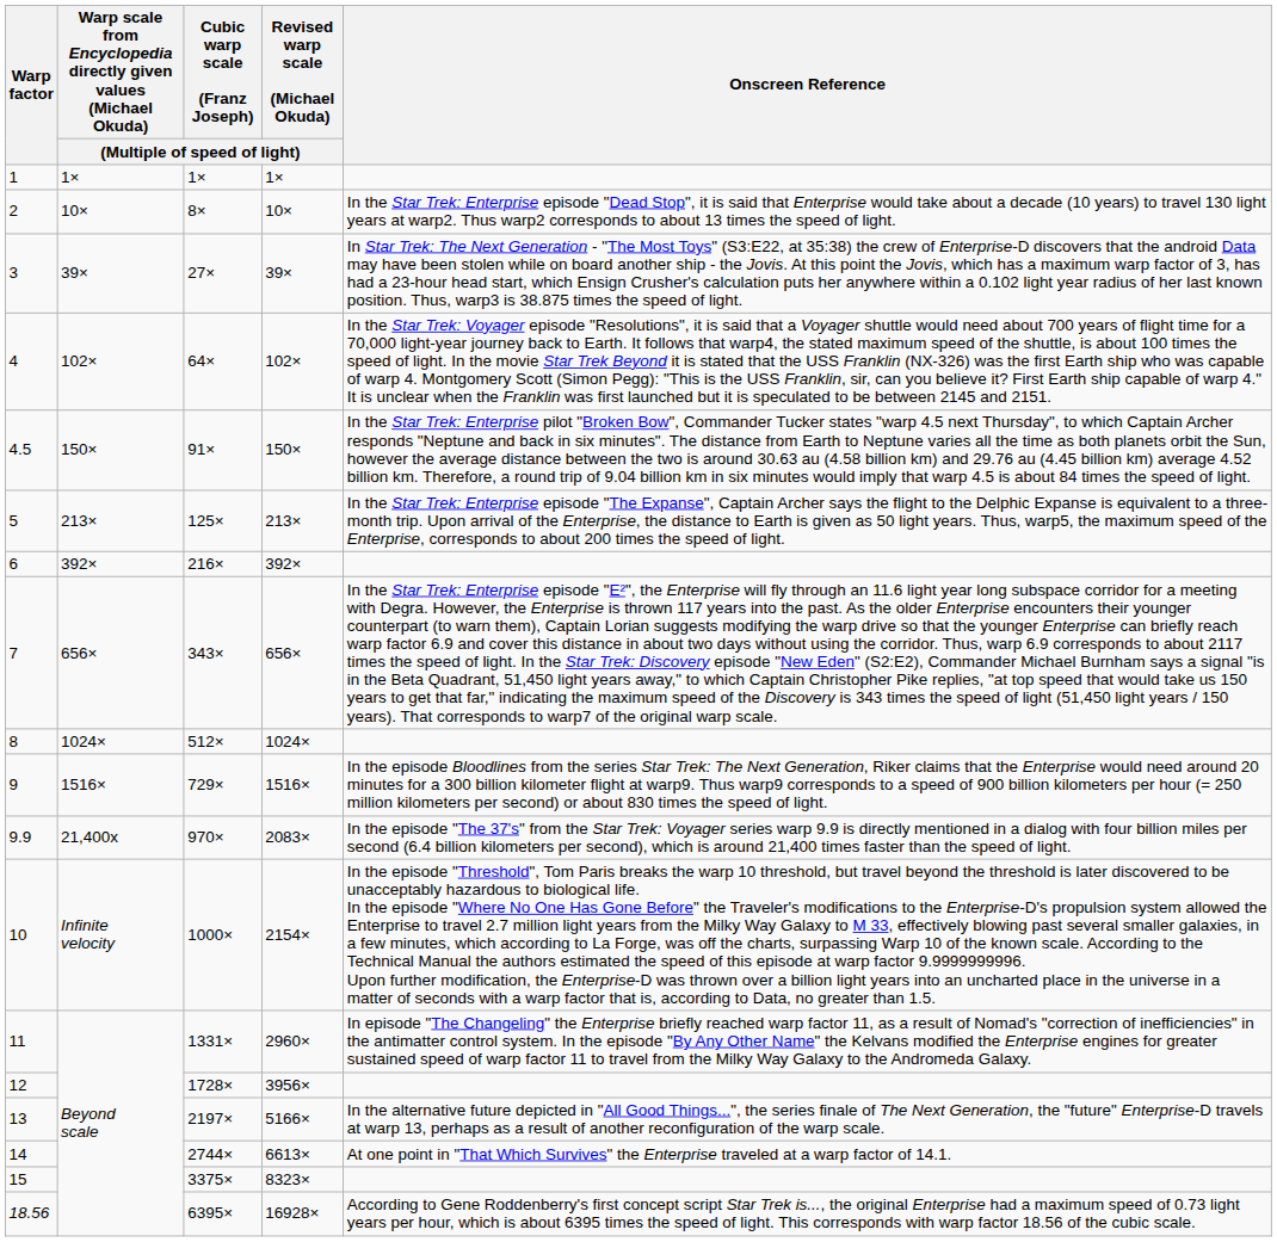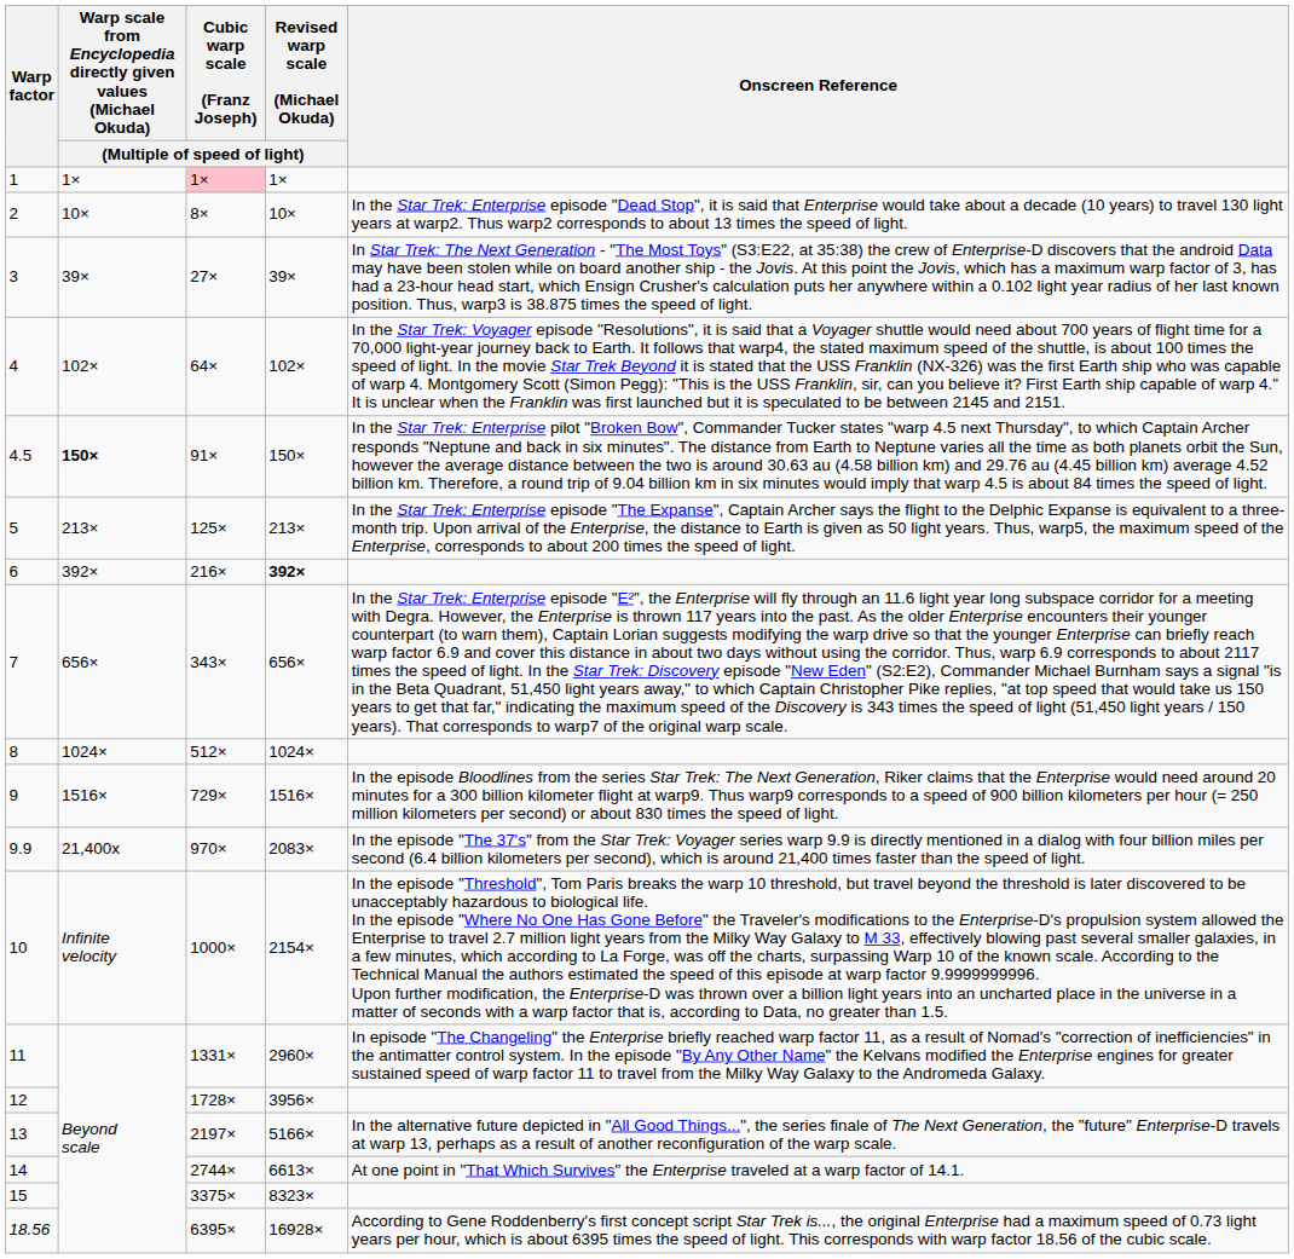 <table class="wikitable sortable mw-collapsible mw-collapsed" style="width:100%;">
 <tr>
 <th rowspan="2">Warp<br>factor</th>
 <th>Warp scale from <em>Encyclopedia</em><br>directly given values<br>(Michael Okuda)</th>
 <th>Cubic warp scale<br><br>(Franz Joseph)</th>
 <th>Revised warp scale<br><br>(Michael Okuda)</th>
 <th rowspan="2">Onscreen Reference</th>
 </tr>
 <tr>
 <th colspan=3>(Multiple of speed of light)</th>
 </tr>
 <tr>
 <td>1</td>
 <td>1×</td>
-<td>1×</td>
+<td style="background: pink;">1×</td>
 <td>1×</td>
 <td></td>
 </tr>
 <tr>
 <td>2</td>
 <td>10×</td>
 <td>8×</td>
 <td>10×</td>
 <td>In the <em><a href='#'>Star Trek: Enterprise</a></em> episode "<a href='#'>Dead Stop</a>", it is said that <em>Enterprise</em> would take about a decade (10 years) to travel 130 light years at warp2. Thus warp2 corresponds to about 13 times the speed of light.</td>
 </tr>
 <tr>
 <td>3</td>
 <td>39×</td>
 <td>27×</td>
 <td>39×</td>
 <td>In <em><a href='#'>Star Trek: The Next Generation</a></em> - "<a href='#'>The Most Toys</a>" (S3:E22, at 35:38) the crew of <em>Enterprise</em>-D discovers that the android <a href='#'>Data</a> may have been stolen while on board another ship - the <em>Jovis</em>. At this point the <em>Jovis</em>, which has a maximum warp factor of 3, has had a 23-hour head start, which Ensign Crusher's calculation puts her anywhere within a 0.102 light year radius of her last known position. Thus, warp3 is 38.875 times the speed of light.</td>
 </tr>
 <tr>
 <td>4</td>
 <td>102×</td>
 <td>64×</td>
 <td>102×</td>
 <td>In the <em><a href='#'>Star Trek: Voyager</a></em> episode "Resolutions", it is said that a <em>Voyager</em> shuttle would need about 700 years of flight time for a 70,000 light-year journey back to Earth. It follows that warp4, the stated maximum speed of the shuttle, is about 100 times the speed of light. In the movie <em><a href='#'>Star Trek Beyond</a></em> it is stated that the USS <em>Franklin</em> (NX-326) was the first Earth ship who was capable of warp 4. Montgomery Scott (Simon Pegg): "This is the USS <em>Franklin</em>, sir, can you believe it? First Earth ship capable of warp 4." It is unclear when the <em>Franklin</em> was first launched but it is speculated to be between 2145 and 2151.</td>
 </tr>
 <tr>
 <td>4.5</td>
-<td>150×</td>
+<td><strong>150×</strong></td>
 <td>91×</td>
 <td>150×</td>
 <td>In the <em><a href='#'>Star Trek: Enterprise</a></em> pilot "<a href='#'>Broken Bow</a>", Commander Tucker states "warp 4.5 next Thursday", to which Captain Archer responds "Neptune and back in six minutes". The distance from Earth to Neptune varies all the time as both planets orbit the Sun, however the average distance between the two is around 30.63 au (4.58 billion km) and 29.76 au (4.45 billion km) average 4.52 billion km. Therefore, a round trip of 9.04 billion km in six minutes would imply that warp 4.5 is about 84 times the speed of light.</td>
 </tr>
 <tr>
 <td>5</td>
 <td>213×</td>
 <td>125×</td>
 <td>213×</td>
 <td>In the <em><a href='#'>Star Trek: Enterprise</a></em> episode "<a href='#'>The Expanse</a>", Captain Archer says the flight to the Delphic Expanse is equivalent to a three-month trip. Upon arrival of the <em>Enterprise</em>, the distance to Earth is given as 50 light years. Thus, warp5, the maximum speed of the <em>Enterprise</em>, corresponds to about 200 times the speed of light.</td>
 </tr>
 <tr>
 <td>6</td>
 <td>392×</td>
 <td>216×</td>
-<td>392×</td>
+<td><strong>392×</strong></td>
 <td></td>
 </tr>
 <tr>
 <td>7</td>
 <td>656×</td>
 <td>343×</td>
 <td>656×</td>
 <td>In the <em><a href='#'>Star Trek: Enterprise</a></em> episode "<a href='#'>E²</a>", the <em>Enterprise</em> will fly through an 11.6 light year long subspace corridor for a meeting with Degra. However, the <em>Enterprise</em> is thrown 117 years into the past. As the older <em>Enterprise</em> encounters their younger counterpart (to warn them), Captain Lorian suggests modifying the warp drive so that the younger <em>Enterprise</em> can briefly reach warp factor 6.9 and cover this distance in about two days without using the corridor. Thus, warp 6.9 corresponds to about 2117 times the speed of light. In the <em><a href='#'>Star Trek: Discovery</a></em> episode "<a href='#'>New Eden</a>" (S2:E2), Commander Michael Burnham says a signal "is in the Beta Quadrant, 51,450 light years away," to which Captain Christopher Pike replies, "at top speed that would take us 150 years to get that far," indicating the maximum speed of the <em>Discovery</em> is 343 times the speed of light (51,450 light years / 150 years). That corresponds to warp7 of the original warp scale.</td>
 </tr>
 <tr>
 <td>8</td>
 <td>1024×</td>
 <td>512×</td>
 <td>1024×</td>
 <td></td>
 </tr>
 <tr>
 <td>9</td>
 <td>1516×</td>
 <td>729×</td>
 <td>1516×</td>
 <td>In the episode <em>Bloodlines</em> from the series <em>Star Trek: The Next Generation</em>, Riker claims that the <em>Enterprise</em> would need around 20 minutes for a 300 billion kilometer flight at warp9. Thus warp9 corresponds to a speed of 900 billion kilometers per hour (= 250 million kilometers per second) or about 830 times the speed of light.</td>
 </tr>
 <tr>
 <td>9.9</td>
 <td>21,400x</td>
 <td>970×</td>
 <td>2083×</td>
 <td>In the episode "<a href='#'>The 37's</a>" from the <em>Star Trek: Voyager</em> series warp 9.9 is directly mentioned in a dialog with four billion miles per second (6.4 billion kilometers per second), which is around 21,400 times faster than the speed of light.</td>
 </tr>
 <tr>
 <td>10</td>
 <td><em>Infinite<br>velocity</em></td>
 <td>1000×</td>
 <td>2154×</td>
 <td>In the episode "<a href='#'>Threshold</a>", Tom Paris breaks the warp 10 threshold, but travel beyond the threshold is later discovered to be unacceptably hazardous to biological life.<br>In the episode "<a href='#'>Where No One Has Gone Before</a>" the Traveler's modifications to the <em>Enterprise</em>-D's propulsion system allowed the Enterprise to travel 2.7 million light years from the Milky Way Galaxy to <a href='#'>M 33</a>, effectively blowing past several smaller galaxies, in a few minutes, which according to La Forge, was off the charts, surpassing Warp 10 of the known scale. According to the Technical Manual the authors estimated the speed of this episode at warp factor 9.9999999996.<br>Upon further modification, the <em>Enterprise</em>-D was thrown over a billion light years into an uncharted place in the universe in a matter of seconds with a warp factor that is, according to Data, no greater than 1.5.</td>
 </tr>
 <tr>
 <td>11</td>
 <td rowspan="6"><em>Beyond<br>scale</em></td>
 <td>1331×</td>
 <td>2960×</td>
 <td>In episode "<a href='#'>The Changeling</a>" the <em>Enterprise</em> briefly reached warp factor 11, as a result of Nomad's "correction of inefficiencies" in the antimatter control system. In the episode "<a href='#'>By Any Other Name</a>" the Kelvans modified the <em>Enterprise</em> engines for greater sustained speed of warp factor 11 to travel from the Milky Way Galaxy to the Andromeda Galaxy.</td>
 </tr>
 <tr>
 <td>12</td>
 <td>1728×</td>
 <td>3956×</td>
 <td></td>
 </tr>
 <tr>
 <td>13</td>
 <td>2197×</td>
 <td>5166×</td>
 <td>In the alternative future depicted in "<a href='#'>All Good Things...</a>", the series finale of <em>The Next Generation</em>, the "future" <em>Enterprise</em>-D travels at warp 13, perhaps as a result of another reconfiguration of the warp scale.</td>
 </tr>
 <tr>
 <td>14</td>
 <td>2744×</td>
 <td>6613×</td>
 <td>At one point in "<a href='#'>That Which Survives</a>" the <em>Enterprise</em> traveled at a warp factor of 14.1.</td>
 </tr>
 <tr>
 <td>15</td>
 <td>3375×</td>
 <td>8323×</td>
 <td></td>
 </tr>
 <tr>
 <td><em>18.56</em></td>
 <td>6395×</td>
 <td>16928×</td>
 <td>According to Gene Roddenberry's first concept script <em>Star Trek is...</em>, the original <em>Enterprise</em> had a maximum speed of 0.73 light years per hour, which is about 6395 times the speed of light. This corresponds with warp factor 18.56 of the cubic scale.</td>
 </tr>
 </table>
